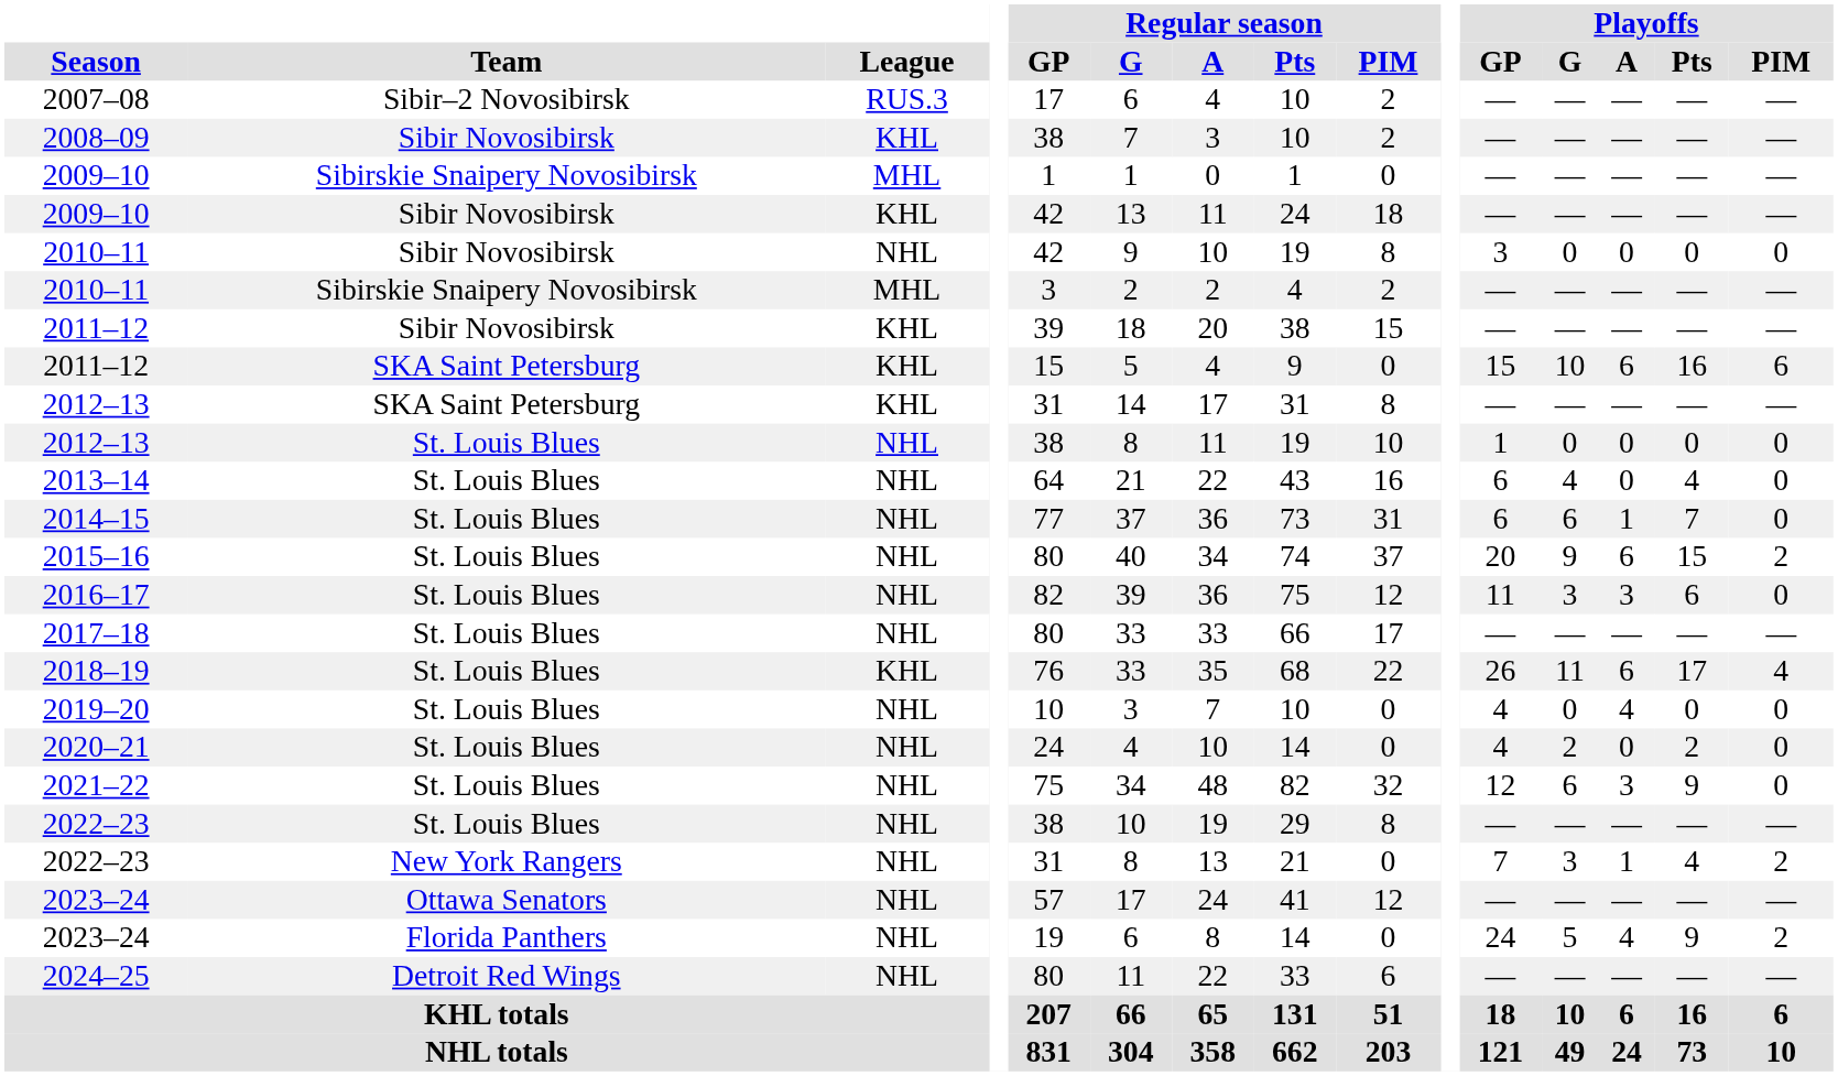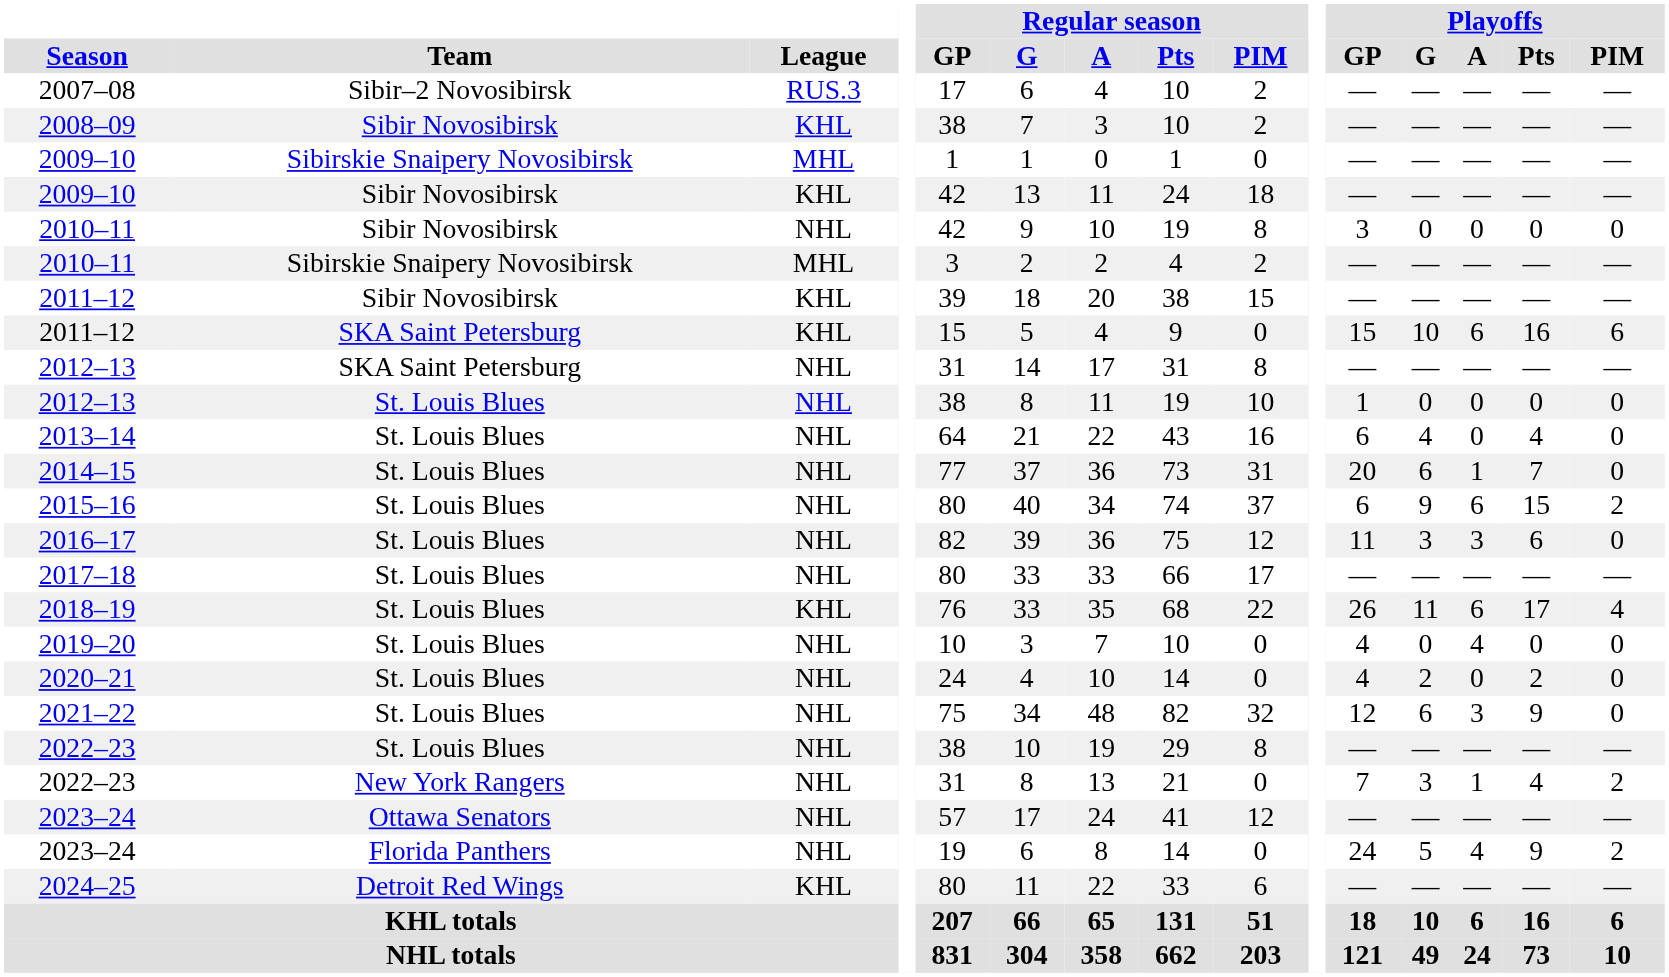 <table border="0" cellpadding="1" cellspacing="0" style="text-align:center; width:60em;">
 <tr style="background:#e0e0e0;">
 <th colspan="3" style="background:#fff;"> </th>
 <th rowspan="99" style="background:#fff;"> </th>
 <th colspan="5"><a href='#'>Regular season</a></th>
 <th rowspan="99" style="background:#fff;"> </th>
 <th colspan="5"><a href='#'>Playoffs</a></th>
 </tr>
 <tr style="background:#e0e0e0;">
 <th><a href='#'>Season</a></th>
 <th>Team</th>
 <th>League</th>
 <th>GP</th>
 <th><a href='#'>G</a></th>
 <th><a href='#'>A</a></th>
 <th><a href='#'>Pts</a></th>
 <th><a href='#'>PIM</a></th>
 <th>GP</th>
 <th>G</th>
 <th>A</th>
 <th>Pts</th>
 <th>PIM</th>
 </tr>
 <tr>
 <td>2007–08</td>
 <td>Sibir–2 Novosibirsk</td>
 <td><a href='#'>RUS.3</a></td>
 <td>17</td>
 <td>6</td>
 <td>4</td>
 <td>10</td>
 <td>2</td>
 <td>—</td>
 <td>—</td>
 <td>—</td>
 <td>—</td>
 <td>—</td>
 </tr>
 <tr style="background:#f0f0f0;">
 <td><a href='#'>2008–09</a></td>
 <td><a href='#'>Sibir Novosibirsk</a></td>
 <td><a href='#'>KHL</a></td>
 <td>38</td>
 <td>7</td>
 <td>3</td>
 <td>10</td>
 <td>2</td>
 <td>—</td>
 <td>—</td>
 <td>—</td>
 <td>—</td>
 <td>—</td>
 </tr>
 <tr>
 <td><a href='#'>2009–10</a></td>
 <td><a href='#'>Sibirskie Snaipery Novosibirsk</a></td>
 <td><a href='#'>MHL</a></td>
 <td>1</td>
 <td>1</td>
 <td>0</td>
 <td>1</td>
 <td>0</td>
 <td>—</td>
 <td>—</td>
 <td>—</td>
 <td>—</td>
 <td>—</td>
 </tr>
 <tr style="background:#f0f0f0;">
 <td><a href='#'>2009–10</a></td>
 <td>Sibir Novosibirsk</td>
 <td>KHL</td>
 <td>42</td>
 <td>13</td>
 <td>11</td>
 <td>24</td>
 <td>18</td>
 <td>—</td>
 <td>—</td>
 <td>—</td>
 <td>—</td>
 <td>—</td>
 </tr>
 <tr>
 <td><a href='#'>2010–11</a></td>
 <td>Sibir Novosibirsk</td>
 <td>NHL</td>
 <td>42</td>
 <td>9</td>
 <td>10</td>
 <td>19</td>
 <td>8</td>
 <td>3</td>
 <td>0</td>
 <td>0</td>
 <td>0</td>
 <td>0</td>
 </tr>
 <tr style="background:#f0f0f0;">
 <td><a href='#'>2010–11</a></td>
 <td>Sibirskie Snaipery Novosibirsk</td>
 <td>MHL</td>
 <td>3</td>
 <td>2</td>
 <td>2</td>
 <td>4</td>
 <td>2</td>
 <td>—</td>
 <td>—</td>
 <td>—</td>
 <td>—</td>
 <td>—</td>
 </tr>
 <tr>
 <td><a href='#'>2011–12</a></td>
 <td>Sibir Novosibirsk</td>
 <td>KHL</td>
 <td>39</td>
 <td>18</td>
 <td>20</td>
 <td>38</td>
 <td>15</td>
 <td>—</td>
 <td>—</td>
 <td>—</td>
 <td>—</td>
 <td>—</td>
 </tr>
 <tr style="background:#f0f0f0;">
 <td>2011–12</td>
 <td><a href='#'>SKA Saint Petersburg</a></td>
 <td>KHL</td>
 <td>15</td>
 <td>5</td>
 <td>4</td>
 <td>9</td>
 <td>0</td>
 <td>15</td>
 <td>10</td>
 <td>6</td>
 <td>16</td>
 <td>6</td>
 </tr>
 <tr>
 <td><a href='#'>2012–13</a></td>
 <td>SKA Saint Petersburg</td>
-<td>KHL</td>
+<td>NHL</td>
 <td>31</td>
 <td>14</td>
 <td>17</td>
 <td>31</td>
 <td>8</td>
 <td>—</td>
 <td>—</td>
 <td>—</td>
 <td>—</td>
 <td>—</td>
 </tr>
 <tr style="background:#f0f0f0;">
 <td><a href='#'>2012–13</a></td>
 <td><a href='#'>St. Louis Blues</a></td>
 <td><a href='#'>NHL</a></td>
 <td>38</td>
 <td>8</td>
 <td>11</td>
 <td>19</td>
 <td>10</td>
 <td>1</td>
 <td>0</td>
 <td>0</td>
 <td>0</td>
 <td>0</td>
 </tr>
 <tr>
 <td><a href='#'>2013–14</a></td>
 <td>St. Louis Blues</td>
 <td>NHL</td>
 <td>64</td>
 <td>21</td>
 <td>22</td>
 <td>43</td>
 <td>16</td>
 <td>6</td>
 <td>4</td>
 <td>0</td>
 <td>4</td>
 <td>0</td>
 </tr>
 <tr style="background:#f0f0f0;">
 <td><a href='#'>2014–15</a></td>
 <td>St. Louis Blues</td>
 <td>NHL</td>
 <td>77</td>
 <td>37</td>
 <td>36</td>
 <td>73</td>
 <td>31</td>
-<td>6</td>
+<td>20</td>
 <td>6</td>
 <td>1</td>
 <td>7</td>
 <td>0</td>
 </tr>
 <tr>
 <td><a href='#'>2015–16</a></td>
 <td>St. Louis Blues</td>
 <td>NHL</td>
 <td>80</td>
 <td>40</td>
 <td>34</td>
 <td>74</td>
 <td>37</td>
-<td>20</td>
+<td>6</td>
 <td>9</td>
 <td>6</td>
 <td>15</td>
 <td>2</td>
 </tr>
 <tr style="background:#f0f0f0;">
 <td><a href='#'>2016–17</a></td>
 <td>St. Louis Blues</td>
 <td>NHL</td>
 <td>82</td>
 <td>39</td>
 <td>36</td>
 <td>75</td>
 <td>12</td>
 <td>11</td>
 <td>3</td>
 <td>3</td>
 <td>6</td>
 <td>0</td>
 </tr>
 <tr>
 <td><a href='#'>2017–18</a></td>
 <td>St. Louis Blues</td>
 <td>NHL</td>
 <td>80</td>
 <td>33</td>
 <td>33</td>
 <td>66</td>
 <td>17</td>
 <td>—</td>
 <td>—</td>
 <td>—</td>
 <td>—</td>
 <td>—</td>
 </tr>
 <tr style="background:#f0f0f0;">
 <td><a href='#'>2018–19</a></td>
 <td>St. Louis Blues</td>
 <td>KHL</td>
 <td>76</td>
 <td>33</td>
 <td>35</td>
 <td>68</td>
 <td>22</td>
 <td>26</td>
 <td>11</td>
 <td>6</td>
 <td>17</td>
 <td>4</td>
 </tr>
 <tr>
 <td><a href='#'>2019–20</a></td>
 <td>St. Louis Blues</td>
 <td>NHL</td>
 <td>10</td>
 <td>3</td>
 <td>7</td>
 <td>10</td>
 <td>0</td>
 <td>4</td>
 <td>0</td>
 <td>4</td>
 <td>0</td>
 <td>0</td>
 </tr>
 <tr style="background:#f0f0f0;">
 <td><a href='#'>2020–21</a></td>
 <td>St. Louis Blues</td>
 <td>NHL</td>
 <td>24</td>
 <td>4</td>
 <td>10</td>
 <td>14</td>
 <td>0</td>
 <td>4</td>
 <td>2</td>
 <td>0</td>
 <td>2</td>
 <td>0</td>
 </tr>
 <tr>
 <td><a href='#'>2021–22</a></td>
 <td>St. Louis Blues</td>
 <td>NHL</td>
 <td>75</td>
 <td>34</td>
 <td>48</td>
 <td>82</td>
 <td>32</td>
 <td>12</td>
 <td>6</td>
 <td>3</td>
 <td>9</td>
 <td>0</td>
 </tr>
 <tr style="background:#f0f0f0;">
 <td><a href='#'>2022–23</a></td>
 <td>St. Louis Blues</td>
 <td>NHL</td>
 <td>38</td>
 <td>10</td>
 <td>19</td>
 <td>29</td>
 <td>8</td>
 <td>—</td>
 <td>—</td>
 <td>—</td>
 <td>—</td>
 <td>—</td>
 </tr>
 <tr>
 <td>2022–23</td>
 <td><a href='#'>New York Rangers</a></td>
 <td>NHL</td>
 <td>31</td>
 <td>8</td>
 <td>13</td>
 <td>21</td>
 <td>0</td>
 <td>7</td>
 <td>3</td>
 <td>1</td>
 <td>4</td>
 <td>2</td>
 </tr>
 <tr style="background:#f0f0f0;">
 <td><a href='#'>2023–24</a></td>
 <td><a href='#'>Ottawa Senators</a></td>
 <td>NHL</td>
 <td>57</td>
 <td>17</td>
 <td>24</td>
 <td>41</td>
 <td>12</td>
 <td>—</td>
 <td>—</td>
 <td>—</td>
 <td>—</td>
 <td>—</td>
 </tr>
 <tr>
 <td>2023–24</td>
 <td><a href='#'>Florida Panthers</a></td>
 <td>NHL</td>
 <td>19</td>
 <td>6</td>
 <td>8</td>
 <td>14</td>
 <td>0</td>
 <td>24</td>
 <td>5</td>
 <td>4</td>
 <td>9</td>
 <td>2</td>
 </tr>
 <tr style="background:#f0f0f0;">
 <td><a href='#'>2024–25</a></td>
 <td><a href='#'>Detroit Red Wings</a></td>
-<td>NHL</td>
+<td>KHL</td>
 <td>80</td>
 <td>11</td>
 <td>22</td>
 <td>33</td>
 <td>6</td>
 <td>—</td>
 <td>—</td>
 <td>—</td>
 <td>—</td>
 <td>—</td>
 </tr>
 <tr style="background:#e0e0e0;">
 <th colspan="3">KHL totals</th>
 <th>207</th>
 <th>66</th>
 <th>65</th>
 <th>131</th>
 <th>51</th>
 <th>18</th>
 <th>10</th>
 <th>6</th>
 <th>16</th>
 <th>6</th>
 </tr>
 <tr style="background:#e0e0e0;">
 <th colspan="3">NHL totals</th>
 <th>831</th>
 <th>304</th>
 <th>358</th>
 <th>662</th>
 <th>203</th>
 <th>121</th>
 <th>49</th>
 <th>24</th>
 <th>73</th>
 <th>10</th>
 </tr>
 </table>
